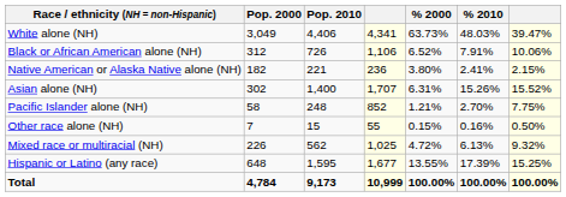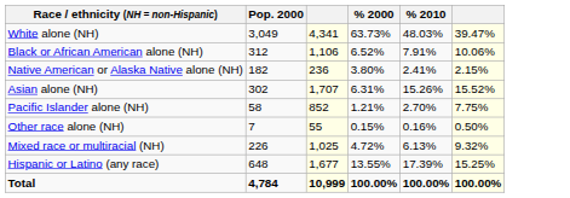 <table class="wikitable">
 <tr>
 <th>Race / ethnicity <small>(<em>NH = non-Hispanic</em>)</small></th>
 <th>Pop. 2000</th>
-<th>Pop. 2010</th>
 <th></th>
 <th>% 2000</th>
 <th>% 2010</th>
 <th></th>
 </tr>
 <tr>
 <td><a href='#'>White</a> alone (NH)</td>
 <td>3,049</td>
-<td>4,406</td>
 <td style='background: #ffffe6;'>4,341</td>
 <td>63.73%</td>
 <td>48.03%</td>
 <td style='background: #ffffe6;'>39.47%</td>
 </tr>
 <tr>
 <td><a href='#'>Black or African American</a> alone (NH)</td>
 <td>312</td>
-<td>726</td>
 <td style='background: #ffffe6;'>1,106</td>
 <td>6.52%</td>
 <td>7.91%</td>
 <td style='background: #ffffe6;'>10.06%</td>
 </tr>
 <tr>
 <td><a href='#'>Native American</a> or <a href='#'>Alaska Native</a> alone (NH)</td>
 <td>182</td>
-<td>221</td>
 <td style='background: #ffffe6;'>236</td>
 <td>3.80%</td>
 <td>2.41%</td>
 <td style='background: #ffffe6;'>2.15%</td>
 </tr>
 <tr>
 <td><a href='#'>Asian</a> alone (NH)</td>
 <td>302</td>
-<td>1,400</td>
 <td style='background: #ffffe6;'>1,707</td>
 <td>6.31%</td>
 <td>15.26%</td>
 <td style='background: #ffffe6;'>15.52%</td>
 </tr>
 <tr>
 <td><a href='#'>Pacific Islander</a> alone (NH)</td>
 <td>58</td>
-<td>248</td>
 <td style='background: #ffffe6;'>852</td>
 <td>1.21%</td>
 <td>2.70%</td>
 <td style='background: #ffffe6;'>7.75%</td>
 </tr>
 <tr>
 <td><a href='#'>Other race</a> alone (NH)</td>
 <td>7</td>
-<td>15</td>
 <td style='background: #ffffe6;'>55</td>
 <td>0.15%</td>
 <td>0.16%</td>
 <td style='background: #ffffe6;'>0.50%</td>
 </tr>
 <tr>
 <td><a href='#'>Mixed race or multiracial</a> (NH)</td>
 <td>226</td>
-<td>562</td>
 <td style='background: #ffffe6;'>1,025</td>
 <td>4.72%</td>
 <td>6.13%</td>
 <td style='background: #ffffe6;'>9.32%</td>
 </tr>
 <tr>
 <td><a href='#'>Hispanic or Latino</a> (any race)</td>
 <td>648</td>
-<td>1,595</td>
 <td style='background: #ffffe6;'>1,677</td>
 <td>13.55%</td>
 <td>17.39%</td>
 <td style='background: #ffffe6;'>15.25%</td>
 </tr>
 <tr>
 <td><strong>Total</strong></td>
 <td><strong>4,784</strong></td>
-<td><strong>9,173</strong></td>
 <td style='background: #ffffe6;'><strong>10,999</strong></td>
 <td><strong>100.00%</strong></td>
 <td><strong>100.00%</strong></td>
 <td style='background: #ffffe6;'><strong>100.00%</strong></td>
 </tr>
 </table>
